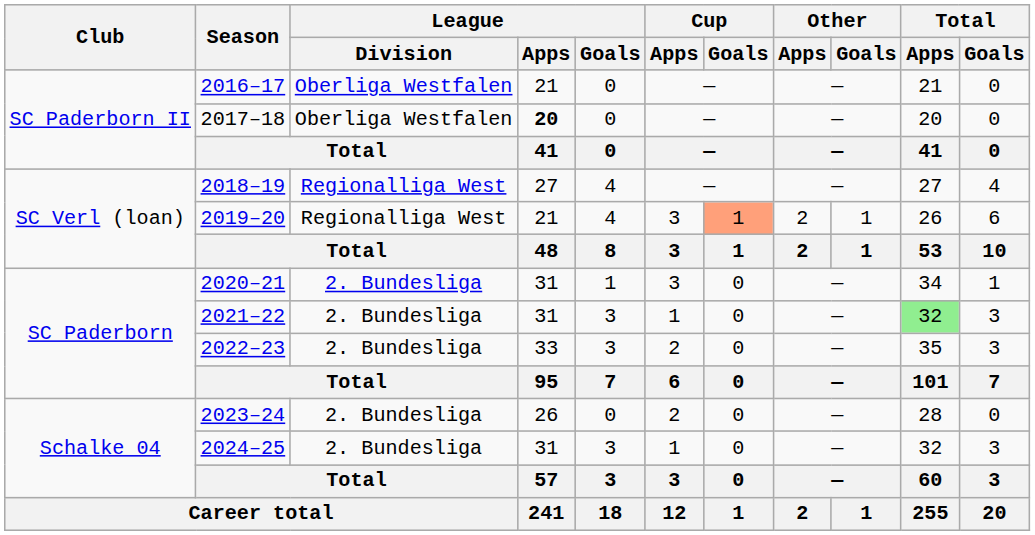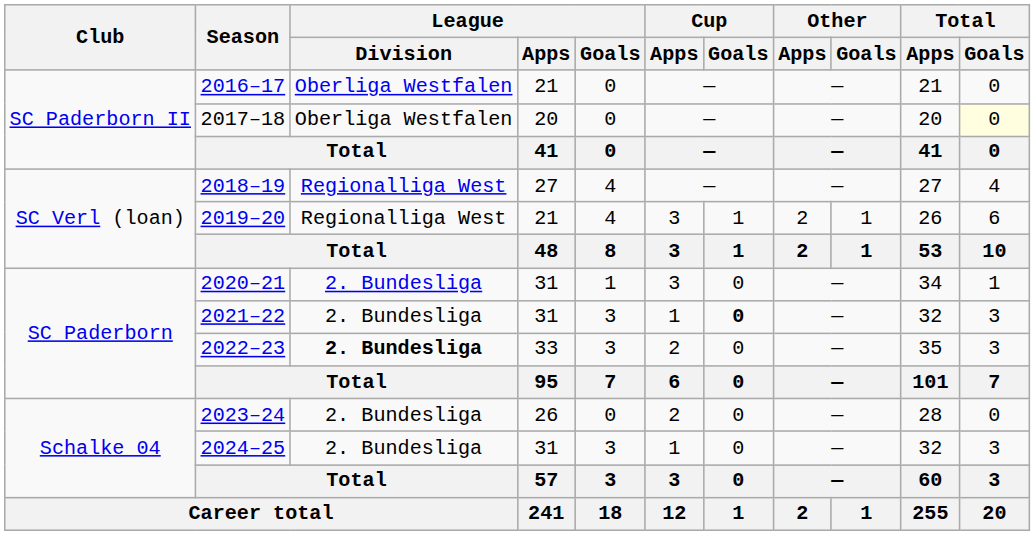 <table class="wikitable" style="text-align:center">
 <tr>
 <th rowspan="2">Club</th>
 <th rowspan="2">Season</th>
 <th colspan="3">League</th>
 <th colspan="2">Cup</th>
 <th colspan="2">Other</th>
 <th colspan="2">Total</th>
 </tr>
 <tr>
 <th>Division</th>
 <th>Apps</th>
 <th>Goals</th>
 <th>Apps</th>
 <th>Goals</th>
 <th>Apps</th>
 <th>Goals</th>
 <th>Apps</th>
 <th>Goals</th>
 </tr>
 <tr>
 <td rowspan="3"><a href='#'>SC Paderborn II</a></td>
 <td><a href='#'>2016–17</a></td>
 <td><a href='#'>Oberliga Westfalen</a></td>
 <td>21</td>
 <td>0</td>
 <td colspan="2">—</td>
 <td colspan="2">—</td>
 <td>21</td>
 <td>0</td>
 </tr>
 <tr>
 <td>2017–18</td>
 <td>Oberliga Westfalen</td>
-<td><strong>20</strong></td>
+<td>20</td>
 <td>0</td>
 <td colspan="2">—</td>
 <td colspan="2">—</td>
 <td>20</td>
-<td>0</td>
+<td style="background: lightyellow;">0</td>
 </tr>
 <tr>
 <th colspan="2">Total</th>
 <th>41</th>
 <th>0</th>
 <th colspan="2">—</th>
 <th colspan="2">—</th>
 <th>41</th>
 <th>0</th>
 </tr>
 <tr>
 <td rowspan="3"><a href='#'>SC Verl</a> (loan)</td>
 <td><a href='#'>2018–19</a></td>
 <td><a href='#'>Regionalliga West</a></td>
 <td>27</td>
 <td>4</td>
 <td colspan="2">—</td>
 <td colspan="2">—</td>
 <td>27</td>
 <td>4</td>
 </tr>
 <tr>
 <td><a href='#'>2019–20</a></td>
 <td>Regionalliga West</td>
 <td>21</td>
 <td>4</td>
 <td>3</td>
-<td style="background: lightsalmon;">1</td>
+<td>1</td>
 <td>2</td>
 <td>1</td>
 <td>26</td>
 <td>6</td>
 </tr>
 <tr>
 <th colspan="2">Total</th>
 <th>48</th>
 <th>8</th>
 <th>3</th>
 <th>1</th>
 <th>2</th>
 <th>1</th>
 <th>53</th>
 <th>10</th>
 </tr>
 <tr>
 <td rowspan="4"><a href='#'>SC Paderborn</a></td>
 <td><a href='#'>2020–21</a></td>
 <td><a href='#'>2. Bundesliga</a></td>
 <td>31</td>
 <td>1</td>
 <td>3</td>
 <td>0</td>
 <td colspan="2">—</td>
 <td>34</td>
 <td>1</td>
 </tr>
 <tr>
 <td><a href='#'>2021–22</a></td>
 <td>2. Bundesliga</td>
 <td>31</td>
 <td>3</td>
 <td>1</td>
-<td>0</td>
+<td><strong>0</strong></td>
 <td colspan="2">—</td>
-<td style="background: lightgreen;">32</td>
+<td>32</td>
 <td>3</td>
 </tr>
 <tr>
 <td><a href='#'>2022–23</a></td>
-<td>2. Bundesliga</td>
+<td><strong>2. Bundesliga</strong></td>
 <td>33</td>
 <td>3</td>
 <td>2</td>
 <td>0</td>
 <td colspan="2">—</td>
 <td>35</td>
 <td>3</td>
 </tr>
 <tr>
 <th colspan="2">Total</th>
 <th>95</th>
 <th>7</th>
 <th>6</th>
 <th>0</th>
 <th colspan="2">—</th>
 <th>101</th>
 <th>7</th>
 </tr>
 <tr>
 <td rowspan="3"><a href='#'>Schalke 04</a></td>
 <td><a href='#'>2023–24</a></td>
 <td>2. Bundesliga</td>
 <td>26</td>
 <td>0</td>
 <td>2</td>
 <td>0</td>
 <td colspan="2">—</td>
 <td>28</td>
 <td>0</td>
 </tr>
 <tr>
 <td><a href='#'>2024–25</a></td>
 <td>2. Bundesliga</td>
 <td>31</td>
 <td>3</td>
 <td>1</td>
 <td>0</td>
 <td colspan="2">—</td>
 <td>32</td>
 <td>3</td>
 </tr>
 <tr>
 <th colspan="2">Total</th>
 <th>57</th>
 <th>3</th>
 <th>3</th>
 <th>0</th>
 <th colspan="2">—</th>
 <th>60</th>
 <th>3</th>
 </tr>
 <tr>
 <th colspan="3">Career total</th>
 <th>241</th>
 <th>18</th>
 <th>12</th>
 <th>1</th>
 <th>2</th>
 <th>1</th>
 <th>255</th>
 <th>20</th>
 </tr>
 </table>
